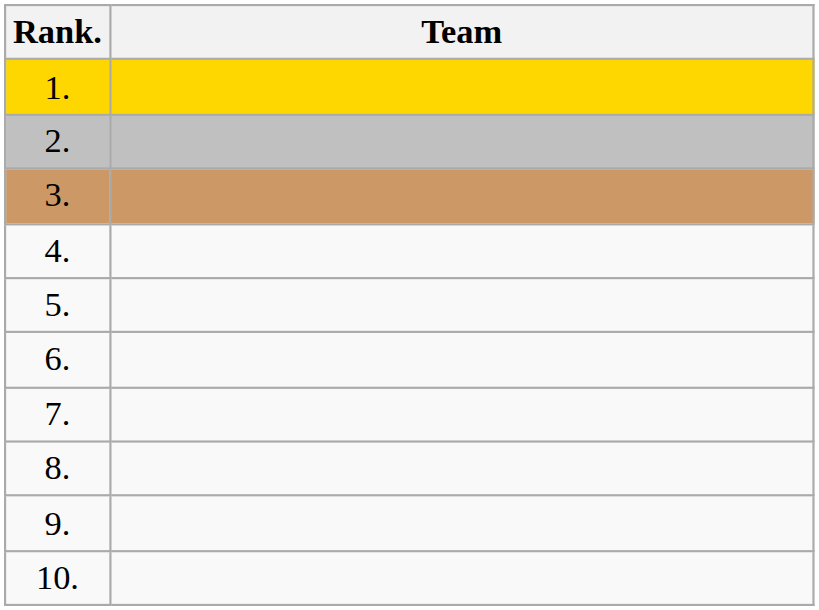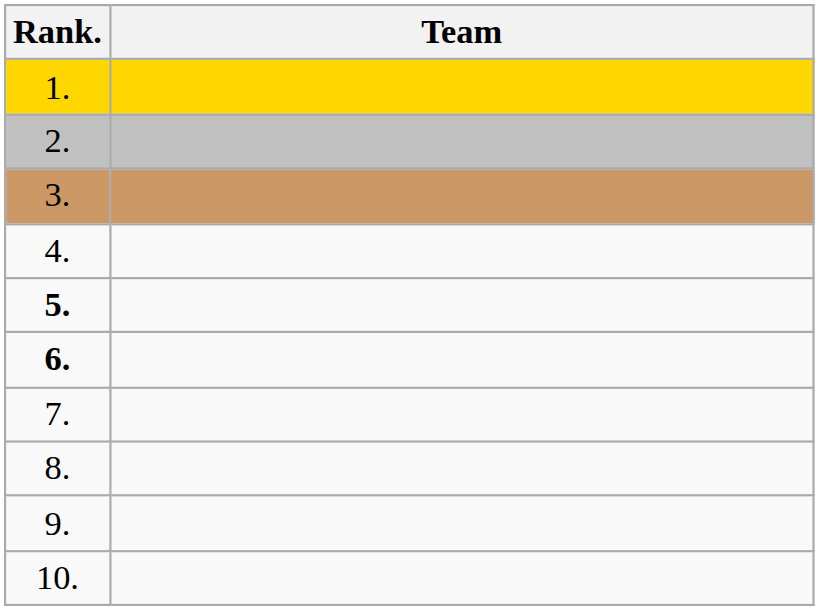 <table class="wikitable" style="border-collapse: collapse; font-size:100%;">
 <tr>
 <th>Rank.</th>
 <th align="center" style="width: 20em">Team</th>
 </tr>
 <tr bgcolor=gold>
 <td align="center">1.</td>
 <td></td>
 </tr>
 <tr bgcolor=silver>
 <td align="center">2.</td>
 <td></td>
 </tr>
 <tr bgcolor=#cc9966>
 <td align="center">3.</td>
 <td></td>
 </tr>
 <tr>
 <td align="center">4.</td>
 <td></td>
 </tr>
 <tr>
-<td align="center">5.</td>
+<td align="center"><strong>5.</strong></td>
 <td></td>
 </tr>
 <tr>
-<td align="center">6.</td>
+<td align="center"><strong>6.</strong></td>
 <td></td>
 </tr>
 <tr>
 <td align="center">7.</td>
 <td></td>
 </tr>
 <tr>
 <td align="center">8.</td>
 <td></td>
 </tr>
 <tr>
 <td align="center">9.</td>
 <td></td>
 </tr>
 <tr>
 <td align="center">10.</td>
 <td></td>
 </tr>
 </table>
